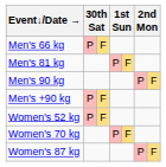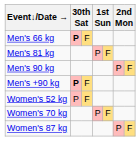 <table class="wikitable" style="margin:0.5em auto; font-size:90%; line-height:1.25em; text-align:center;">
 <tr>
 <th>Event↓/Date →</th>
 <th colspan=2>30th<br>Sat</th>
 <th colspan=2>1st<br>Sun</th>
 <th colspan=2>2nd<br>Mon</th>
 </tr>
 <tr>
 <td align="left"><a href='#'>Men's 66 kg</a></td>
-<td bgcolor="#FFBBBB">P</td>
+<td bgcolor="#FFBBBB"><strong>P</strong></td>
 <td bgcolor="#FFDF80">F</td>
 <td colspan=2></td>
 <td colspan=2></td>
 </tr>
 <tr>
 <td align="left"><a href='#'>Men's 81 kg</a></td>
 <td colspan=2></td>
 <td bgcolor="#FFBBBB">P</td>
 <td bgcolor="#FFDF80">F</td>
 <td colspan=2></td>
 </tr>
 <tr>
 <td align="left"><a href='#'>Men's 90 kg</a></td>
 <td colspan=2></td>
 <td colspan=2></td>
 <td bgcolor="#FFBBBB">P</td>
 <td bgcolor="#FFDF80">F</td>
 </tr>
 <tr>
 <td align="left"><a href='#'>Men's +90 kg</a></td>
-<td bgcolor="#FFBBBB">P</td>
+<td bgcolor="#FFBBBB"><strong>P</strong></td>
 <td bgcolor="#FFDF80">F</td>
 <td colspan=2></td>
 <td colspan=2></td>
 </tr>
 <tr>
 <td align="left"><a href='#'>Women's 52 kg</a></td>
 <td bgcolor="#FFBBBB">P</td>
 <td bgcolor="#FFDF80">F</td>
 <td colspan=2></td>
 <td colspan=2></td>
 </tr>
 <tr>
 <td align="left"><a href='#'>Women's 70 kg</a></td>
 <td colspan=2></td>
 <td bgcolor="#FFBBBB">P</td>
 <td bgcolor="#FFDF80">F</td>
 <td colspan=2></td>
 </tr>
 <tr>
 <td align="left"><a href='#'>Women's 87 kg</a></td>
 <td colspan=2></td>
 <td colspan=2></td>
 <td bgcolor="#FFBBBB">P</td>
 <td bgcolor="#FFDF80">F</td>
 </tr>
 </table>
